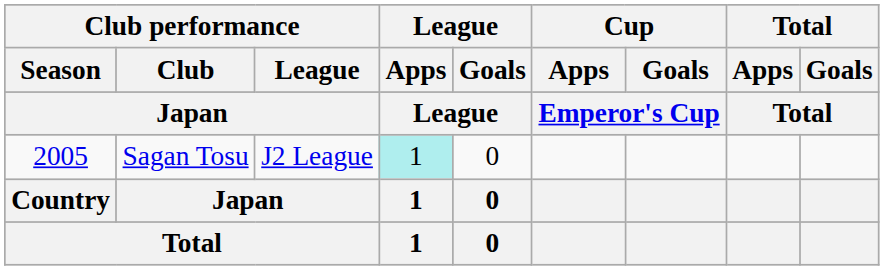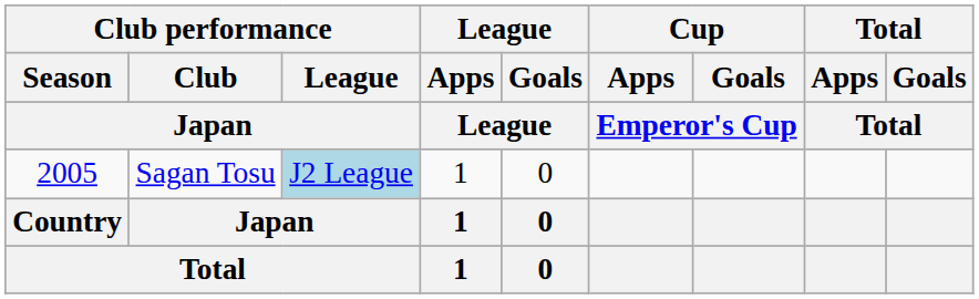 <table class="wikitable" style="text-align:center;">
 <tr>
 <th colspan=3>Club performance</th>
 <th colspan=2>League</th>
 <th colspan=2>Cup</th>
 <th colspan=2>Total</th>
 </tr>
 <tr>
 <th>Season</th>
 <th>Club</th>
 <th>League</th>
 <th>Apps</th>
 <th>Goals</th>
 <th>Apps</th>
 <th>Goals</th>
 <th>Apps</th>
 <th>Goals</th>
 </tr>
 <tr>
 <th colspan=3>Japan</th>
 <th colspan=2>League</th>
 <th colspan=2><a href='#'>Emperor's Cup</a></th>
 <th colspan=2>Total</th>
 </tr>
 <tr>
 <td><a href='#'>2005</a></td>
 <td><a href='#'>Sagan Tosu</a></td>
-<td><a href='#'>J2 League</a></td>
-<td style="background: paleturquoise;">1</td>
+<td style="background: lightblue;"><a href='#'>J2 League</a></td>
+<td>1</td>
 <td>0</td>
 <td></td>
 <td></td>
 <td></td>
 <td></td>
 </tr>
 <tr>
 <th rowspan=1>Country</th>
 <th colspan=2>Japan</th>
 <th>1</th>
 <th>0</th>
 <th></th>
 <th></th>
 <th></th>
 <th></th>
 </tr>
 <tr>
 <th colspan=3>Total</th>
 <th>1</th>
 <th>0</th>
 <th></th>
 <th></th>
 <th></th>
 <th></th>
 </tr>
 </table>
